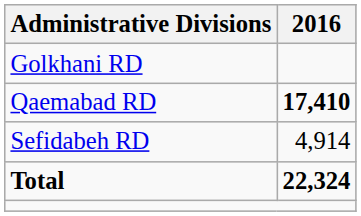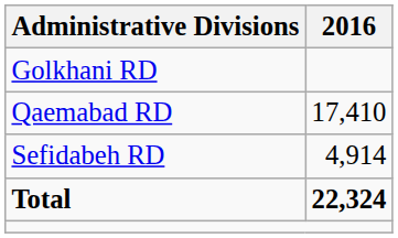 <table class="wikitable">
 <tr>
 <th>Administrative Divisions</th>
 <th>2016</th>
 </tr>
 <tr>
 <td><a href='#'>Golkhani RD</a></td>
 <td style="text-align: right;"></td>
 </tr>
 <tr>
 <td><a href='#'>Qaemabad RD</a></td>
-<td style="text-align: right;"><strong>17,410</strong></td>
+<td style="text-align: right;">17,410</td>
 </tr>
 <tr>
 <td><a href='#'>Sefidabeh RD</a></td>
 <td style="text-align: right;">4,914</td>
 </tr>
 <tr>
 <td><strong>Total</strong></td>
 <td style="text-align: right;"><strong>22,324</strong></td>
 </tr>
 <tr>
 <td colspan=2></td>
 </tr>
 </table>
